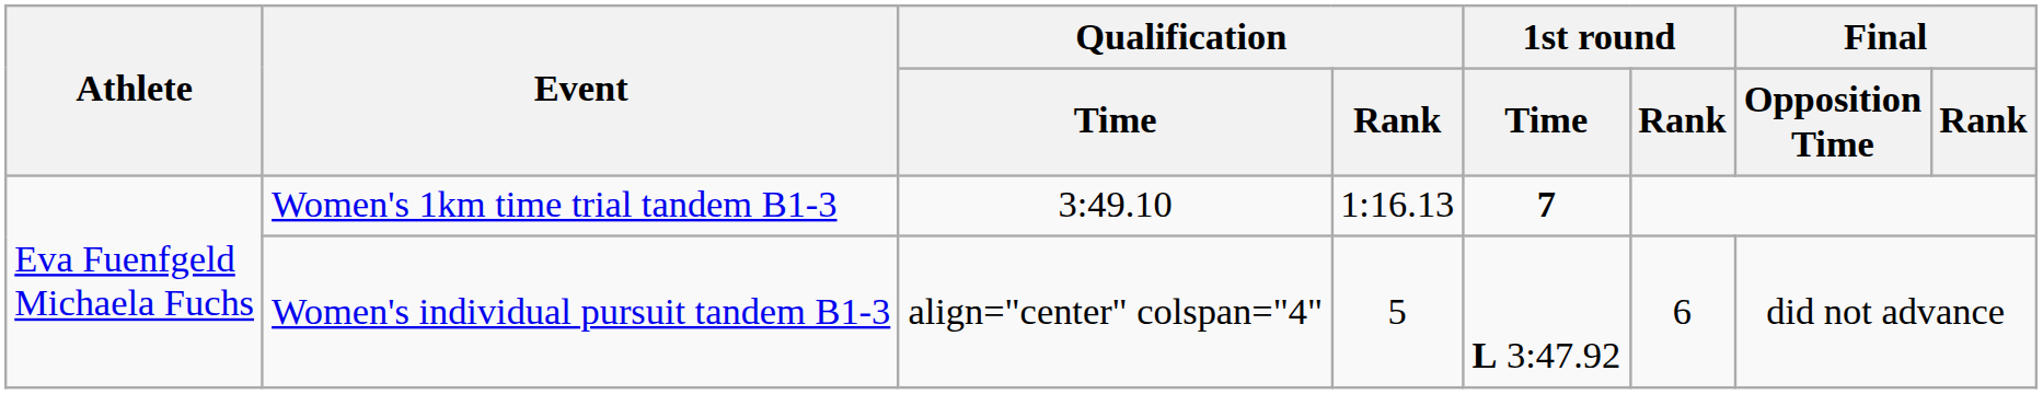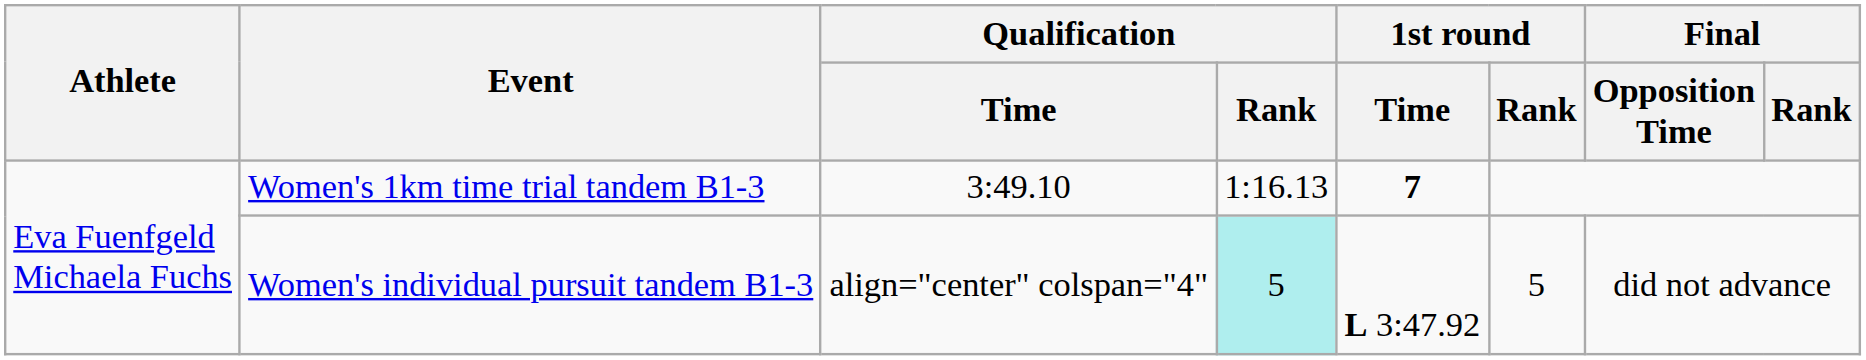 <table class=wikitable style="font-size:90%">
 <tr>
 <th rowspan="2">Athlete</th>
 <th rowspan="2">Event</th>
 <th colspan="2">Qualification</th>
 <th colspan="2">1st round</th>
 <th colspan="2">Final</th>
 </tr>
 <tr>
 <th>Time</th>
 <th>Rank</th>
 <th>Time</th>
 <th>Rank</th>
 <th>Opposition<br>Time</th>
 <th>Rank</th>
 </tr>
 <tr>
 <td rowspan="2"><a href='#'>Eva Fuenfgeld</a><br> <a href='#'>Michaela Fuchs</a></td>
 <td><a href='#'>Women's 1km time trial tandem B1-3</a></td>
 <td align="center">3:49.10</td>
 <td align="center">1:16.13</td>
 <td align="center"><strong>7</strong></td>
 </tr>
 <tr>
 <td><a href='#'>Women's individual pursuit tandem B1-3</a></td>
 <td>align="center" colspan="4" </td>
+<td align="center" style="background: paleturquoise;">5</td>
+<td align="center"><br> <br> <strong>L</strong> 3:47.92</td>
 <td align="center">5</td>
-<td align="center"><br> <br> <strong>L</strong> 3:47.92</td>
-<td align="center">6</td>
 <td align="center" colspan="2">did not advance</td>
 </tr>
 </table>
